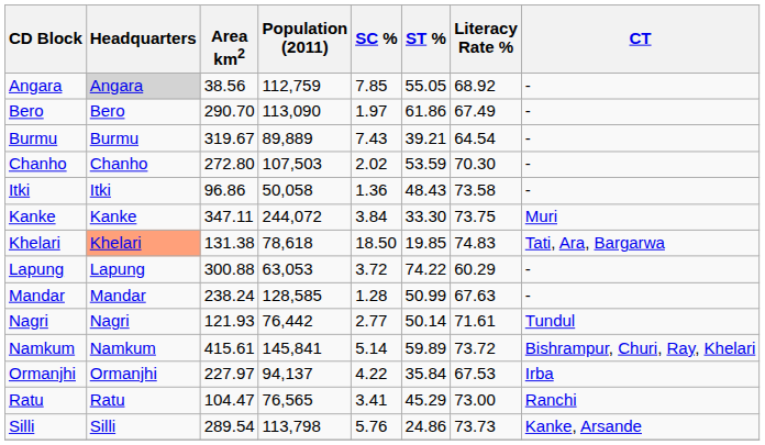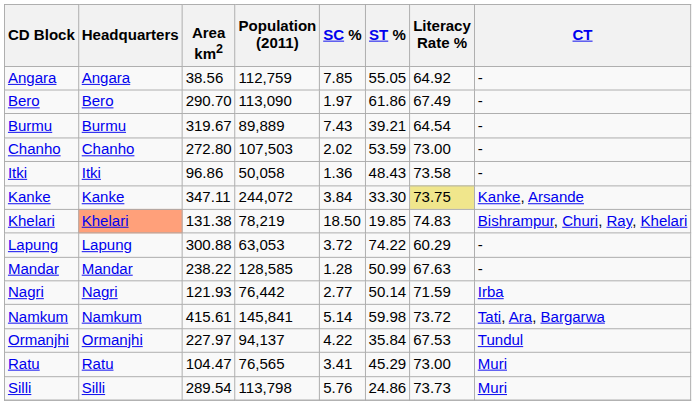 <table class="wikitable sortable">
 <tr>
 <th>CD Block</th>
 <th>Headquarters</th>
 <th><br>Area<br>km<sup>2</sup></th>
 <th>Population<br>(2011)</th>
 <th><a href='#'>SC</a> %</th>
 <th><a href='#'>ST</a> %</th>
 <th>Literacy<br> Rate %</th>
 <th><a href='#'>CT</a></th>
 </tr>
 <tr>
 <td><a href='#'>Angara</a></td>
-<td style="background: lightgrey;"><a href='#'>Angara</a></td>
+<td><a href='#'>Angara</a></td>
 <td>38.56</td>
 <td>112,759</td>
 <td>7.85</td>
 <td>55.05</td>
-<td>68.92</td>
+<td>64.92</td>
 <td>-</td>
 </tr>
 <tr>
 <td><a href='#'>Bero</a></td>
 <td><a href='#'>Bero</a></td>
 <td>290.70</td>
 <td>113,090</td>
 <td>1.97</td>
 <td>61.86</td>
 <td>67.49</td>
 <td>-</td>
 </tr>
 <tr>
 <td><a href='#'>Burmu</a></td>
 <td><a href='#'>Burmu</a></td>
 <td>319.67</td>
 <td>89,889</td>
 <td>7.43</td>
 <td>39.21</td>
 <td>64.54</td>
 <td>-</td>
 </tr>
 <tr>
 <td><a href='#'>Chanho</a></td>
 <td><a href='#'>Chanho</a></td>
 <td>272.80</td>
 <td>107,503</td>
 <td>2.02</td>
 <td>53.59</td>
-<td>70.30</td>
+<td>73.00</td>
 <td>-</td>
 </tr>
 <tr>
 <td><a href='#'>Itki</a></td>
 <td><a href='#'>Itki</a></td>
 <td>96.86</td>
 <td>50,058</td>
 <td>1.36</td>
 <td>48.43</td>
 <td>73.58</td>
 <td>-</td>
 </tr>
 <tr>
 <td><a href='#'>Kanke</a></td>
 <td><a href='#'>Kanke</a></td>
 <td>347.11</td>
 <td>244,072</td>
 <td>3.84</td>
 <td>33.30</td>
-<td>73.75</td>
-<td><a href='#'>Muri</a></td>
+<td style="background: khaki;">73.75</td>
+<td><a href='#'>Kanke</a>, <a href='#'>Arsande</a></td>
 </tr>
 <tr>
 <td><a href='#'>Khelari</a></td>
 <td style="background: lightsalmon;"><a href='#'>Khelari</a></td>
 <td>131.38</td>
-<td>78,618</td>
+<td>78,219</td>
 <td>18.50</td>
 <td>19.85</td>
 <td>74.83</td>
-<td><a href='#'>Tati</a>, <a href='#'>Ara</a>, <a href='#'>Bargarwa</a></td>
+<td><a href='#'>Bishrampur</a>, <a href='#'>Churi</a>, <a href='#'>Ray</a>, <a href='#'>Khelari</a></td>
 </tr>
 <tr>
 <td><a href='#'>Lapung</a></td>
 <td><a href='#'>Lapung</a></td>
 <td>300.88</td>
 <td>63,053</td>
 <td>3.72</td>
 <td>74.22</td>
 <td>60.29</td>
 <td>-</td>
 </tr>
 <tr>
 <td><a href='#'>Mandar</a></td>
 <td><a href='#'>Mandar</a></td>
-<td>238.24</td>
+<td>238.22</td>
 <td>128,585</td>
 <td>1.28</td>
 <td>50.99</td>
 <td>67.63</td>
 <td>-</td>
 </tr>
 <tr>
 <td><a href='#'>Nagri</a></td>
 <td><a href='#'>Nagri</a></td>
 <td>121.93</td>
 <td>76,442</td>
 <td>2.77</td>
 <td>50.14</td>
-<td>71.61</td>
-<td><a href='#'>Tundul</a></td>
+<td>71.59</td>
+<td><a href='#'>Irba</a></td>
 </tr>
 <tr>
 <td><a href='#'>Namkum</a></td>
 <td><a href='#'>Namkum</a></td>
 <td>415.61</td>
 <td>145,841</td>
 <td>5.14</td>
-<td>59.89</td>
+<td>59.98</td>
 <td>73.72</td>
-<td><a href='#'>Bishrampur</a>, <a href='#'>Churi</a>, <a href='#'>Ray</a>, <a href='#'>Khelari</a></td>
+<td><a href='#'>Tati</a>, <a href='#'>Ara</a>, <a href='#'>Bargarwa</a></td>
 </tr>
 <tr>
 <td><a href='#'>Ormanjhi</a></td>
 <td><a href='#'>Ormanjhi</a></td>
 <td>227.97</td>
 <td>94,137</td>
 <td>4.22</td>
 <td>35.84</td>
 <td>67.53</td>
-<td><a href='#'>Irba</a></td>
+<td><a href='#'>Tundul</a></td>
 </tr>
 <tr>
 <td><a href='#'>Ratu</a></td>
 <td><a href='#'>Ratu</a></td>
 <td>104.47</td>
 <td>76,565</td>
 <td>3.41</td>
 <td>45.29</td>
 <td>73.00</td>
-<td><a href='#'>Ranchi</a></td>
+<td><a href='#'>Muri</a></td>
 </tr>
 <tr>
 <td><a href='#'>Silli</a></td>
 <td><a href='#'>Silli</a></td>
 <td>289.54</td>
 <td>113,798</td>
 <td>5.76</td>
 <td>24.86</td>
 <td>73.73</td>
-<td><a href='#'>Kanke</a>, <a href='#'>Arsande</a></td>
+<td><a href='#'>Muri</a></td>
 </tr>
 <tr>
 </tr>
 </table>
